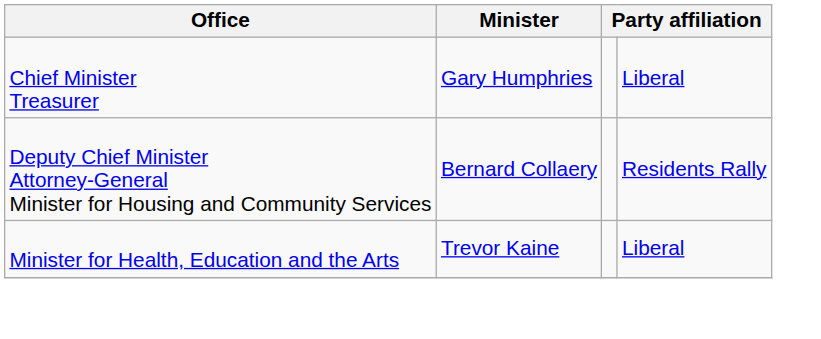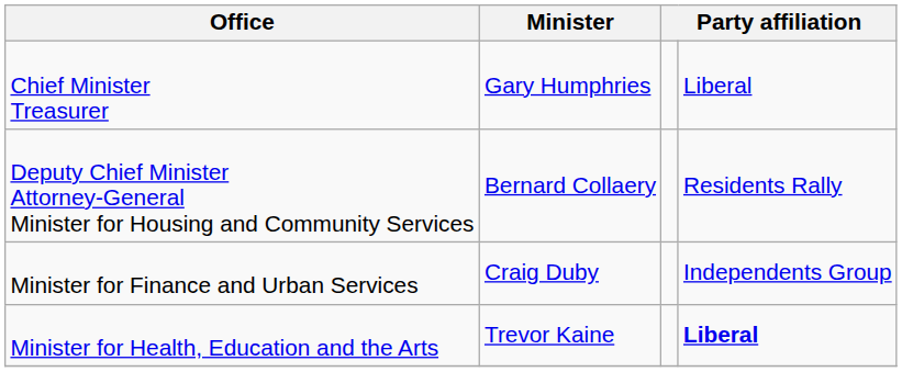 <table class="wikitable">
 <tr>
 <th>Office</th>
 <th>Minister</th>
 <th colspan=2>Party affiliation</th>
 </tr>
 <tr>
 <td><br><a href='#'>Chief Minister</a><br> <a href='#'>Treasurer</a></td>
 <td><a href='#'>Gary Humphries</a></td>
 <td> </td>
 <td><a href='#'>Liberal</a></td>
 </tr>
 <tr>
 <td><br><a href='#'>Deputy Chief Minister</a><br> <a href='#'>Attorney-General</a><br> Minister for Housing and Community Services</td>
 <td><a href='#'>Bernard Collaery</a></td>
 <td> </td>
 <td><a href='#'>Residents Rally</a></td>
 </tr>
 <tr>
+<td><br>Minister for Finance and Urban Services</td>
+<td><a href='#'>Craig Duby</a></td>
+<td> </td>
+<td><a href='#'>Independents Group</a></td>
+</tr>
+<tr>
 <td><br><a href='#'>Minister for Health, Education and the Arts</a></td>
 <td><a href='#'>Trevor Kaine</a></td>
 <td> </td>
-<td><a href='#'>Liberal</a></td>
+<td><strong><a href='#'>Liberal</a></strong></td>
 </tr>
 <tr>
 </tr>
 </table>
